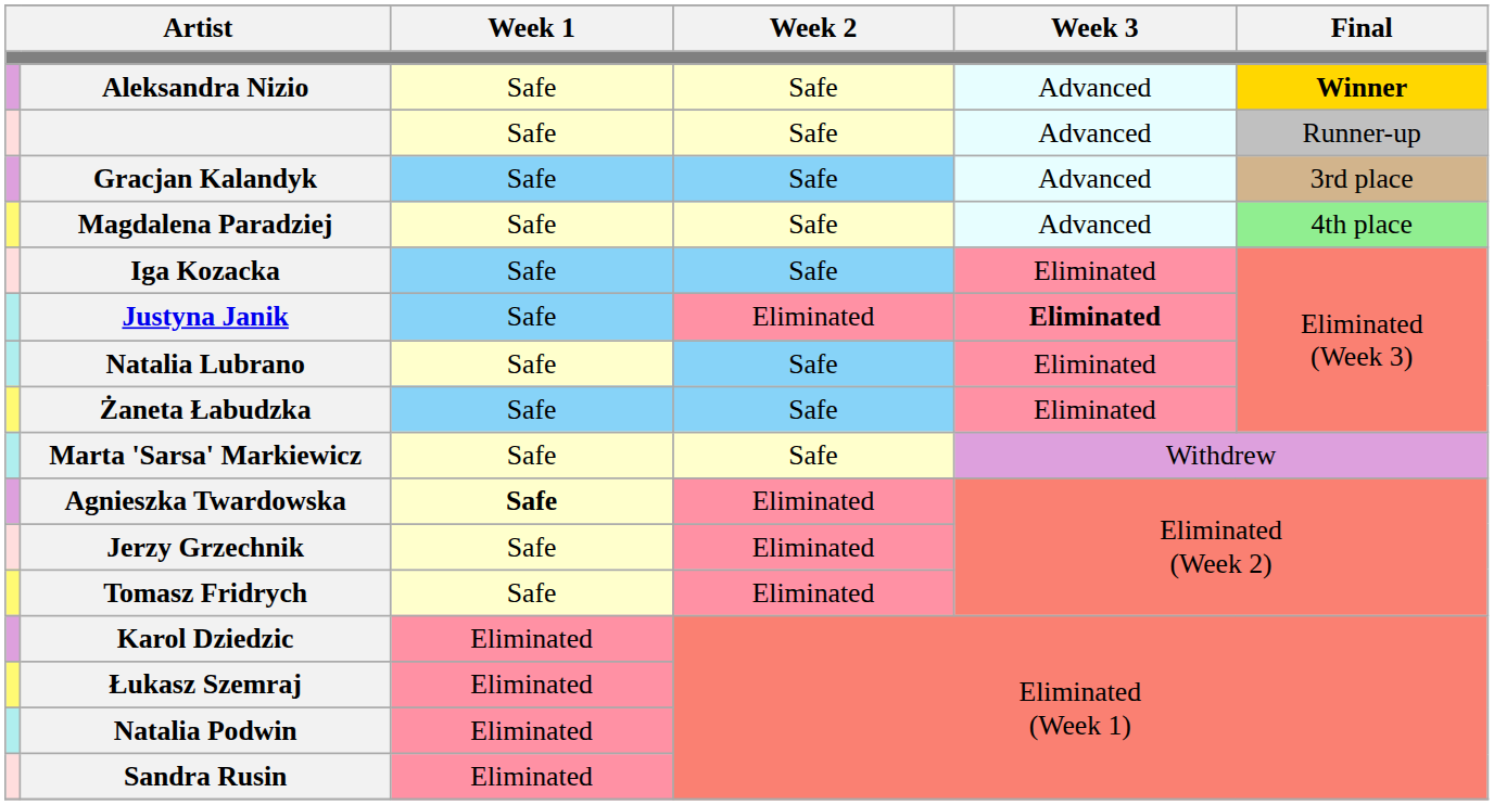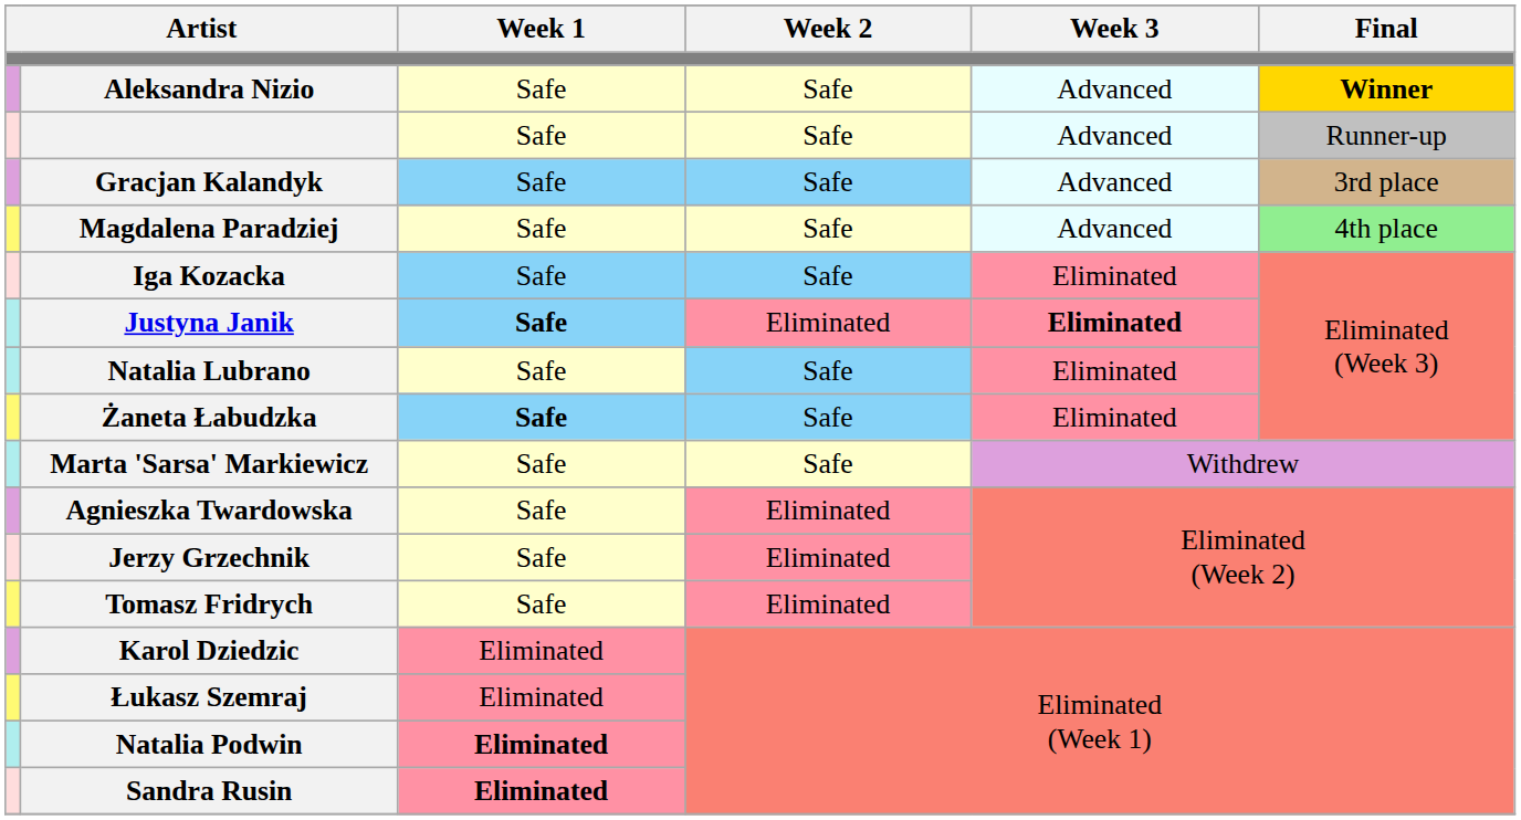 <table class="wikitable" style="text-align:center; font-size:95%;" width="64%">
 <tr>
 </tr>
 <tr>
 <th colspan="2" width="26%">Artist</th>
 <th width="19%">Week 1</th>
 <th width="19%">Week 2</th>
 <th width="19%">Week 3</th>
 <th width="19%">Final</th>
 </tr>
 <tr>
 <th colspan="6" style="background:grey;"></th>
 </tr>
 <tr>
 <td style="background:#dda0dd;"></td>
 <th>Aleksandra Nizio</th>
 <td style="background:#FFFFCC;">Safe</td>
 <td style="background:#FFFFCC;">Safe</td>
 <td style="background:#E7FEFF;">Advanced</td>
 <th style="background:gold;">Winner</th>
 </tr>
 <tr>
 <td style="background:#ffdddd;"></td>
 <th></th>
 <td style="background:#FFFFCC;">Safe</td>
 <td style="background:#FFFFCC;">Safe</td>
 <td style="background:#E7FEFF;">Advanced</td>
 <td style="background:silver;">Runner-up</td>
 </tr>
 <tr>
 <td style="background:#dda0dd;"></td>
 <th>Gracjan Kalandyk</th>
 <td style="background:#87D3F8;">Safe</td>
 <td style="background:#87D3F8;">Safe</td>
 <td style="background:#E7FEFF;">Advanced</td>
 <td style="background:tan;">3rd place</td>
 </tr>
 <tr>
 <td style="background:#fffa73;"></td>
 <th>Magdalena Paradziej</th>
 <td style="background:#FFFFCC;">Safe</td>
 <td style="background:#FFFFCC;">Safe</td>
 <td style="background:#E7FEFF;">Advanced</td>
 <td style="background:lightgreen;">4th place</td>
 </tr>
 <tr>
 <td style="background:#ffdddd;"></td>
 <th>Iga Kozacka</th>
 <td style="background:#87D3F8;">Safe</td>
 <td style="background:#87D3F8;">Safe</td>
 <td style="background:#FF91A4;">Eliminated</td>
 <td colspan="3" rowspan="4" style="background:salmon;">Eliminated<br>(Week 3)</td>
 </tr>
 <tr>
 <td style="background:#afeeee;"></td>
 <th><a href='#'>Justyna Janik</a></th>
-<td style="background:#87D3F8;">Safe</td>
+<td style="background:#87D3F8;"><strong>Safe</strong></td>
 <td style="background:#FF91A4;">Eliminated</td>
 <td style="background:#FF91A4;"><strong>Eliminated</strong></td>
 </tr>
 <tr>
 <td style="background:#afeeee;"></td>
 <th>Natalia Lubrano</th>
 <td style="background:#FFFFCC;">Safe</td>
 <td style="background:#87D3F8;">Safe</td>
 <td style="background:#FF91A4;">Eliminated</td>
 </tr>
 <tr>
 <td style="background:#fffa73;"></td>
 <th>Żaneta Łabudzka</th>
-<td style="background:#87D3F8;">Safe</td>
+<td style="background:#87D3F8;"><strong>Safe</strong></td>
 <td style="background:#87D3F8;">Safe</td>
 <td style="background:#FF91A4;">Eliminated</td>
 </tr>
 <tr>
 <td style="background:#afeeee;"></td>
 <th>Marta 'Sarsa' Markiewicz</th>
 <td style="background:#FFFFCC;">Safe</td>
 <td style="background:#FFFFCC;">Safe</td>
 <td colspan="3"  style="background:#dda0dd;">Withdrew</td>
 </tr>
 <tr>
 <td style="background:#dda0dd;"></td>
 <th>Agnieszka Twardowska</th>
-<td style="background:#FFFFCC;"><strong>Safe</strong></td>
+<td style="background:#FFFFCC;">Safe</td>
 <td style="background:#FF91A4;">Eliminated</td>
 <td colspan="3" rowspan="3" style="background:salmon;">Eliminated<br>(Week 2)</td>
 </tr>
 <tr>
 <td style="background:#ffdddd;"></td>
 <th>Jerzy Grzechnik</th>
 <td style="background:#FFFFCC;">Safe</td>
 <td style="background:#FF91A4;">Eliminated</td>
 </tr>
 <tr>
 <td style="background:#fffa73;"></td>
 <th>Tomasz Fridrych</th>
 <td style="background:#FFFFCC;">Safe</td>
 <td style="background:#FF91A4;">Eliminated</td>
 </tr>
 <tr>
 <td style="background:#dda0dd;"></td>
 <th>Karol Dziedzic</th>
 <td style="background:#FF91A4;">Eliminated</td>
 <td colspan="3" rowspan="4" style="background:salmon;">Eliminated<br>(Week 1)</td>
 </tr>
 <tr>
 <td style="background:#fffa73;"></td>
 <th>Łukasz Szemraj</th>
 <td style="background:#FF91A4;">Eliminated</td>
 </tr>
 <tr>
 <td style="background:#afeeee;"></td>
 <th>Natalia Podwin</th>
-<td style="background:#FF91A4;">Eliminated</td>
+<td style="background:#FF91A4;"><strong>Eliminated</strong></td>
 </tr>
 <tr>
 <td style="background:#ffdddd;"></td>
 <th>Sandra Rusin</th>
-<td style="background:#FF91A4;">Eliminated</td>
+<td style="background:#FF91A4;"><strong>Eliminated</strong></td>
 </tr>
 <tr>
 </tr>
 </table>
